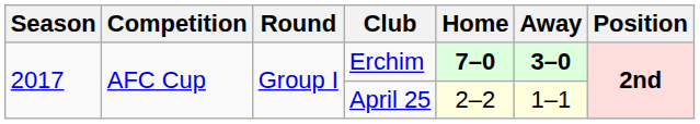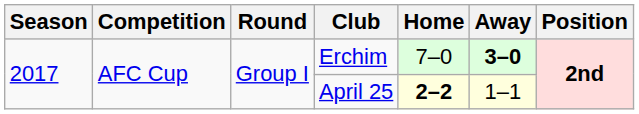 <table class="wikitable">
 <tr>
 <th>Season</th>
 <th>Competition</th>
 <th>Round</th>
 <th>Club</th>
 <th>Home</th>
 <th>Away</th>
 <th>Position</th>
 </tr>
 <tr>
 <td rowspan="2"><a href='#'>2017</a></td>
 <td rowspan="2"><a href='#'>AFC Cup</a></td>
 <td rowspan=2><a href='#'>Group I</a></td>
 <td> <a href='#'>Erchim</a></td>
-<td bgcolor="#ddffdd" style="text-align:center;"><strong>7–0</strong></td>
+<td bgcolor="#ddffdd" style="text-align:center;">7–0</td>
 <td bgcolor="#ddffdd" style="text-align:center;"><strong>3–0</strong></td>
 <td bgcolor="#ffdddd" rowspan=2 align="center"><strong>2nd</strong></td>
 </tr>
 <tr>
 <td> <a href='#'>April 25</a></td>
-<td bgcolor="#ffffdd" style="text-align:center;">2–2</td>
+<td bgcolor="#ffffdd" style="text-align:center;"><strong>2–2</strong></td>
 <td bgcolor="#ffffdd" style="text-align:center;">1–1</td>
 </tr>
 </table>
